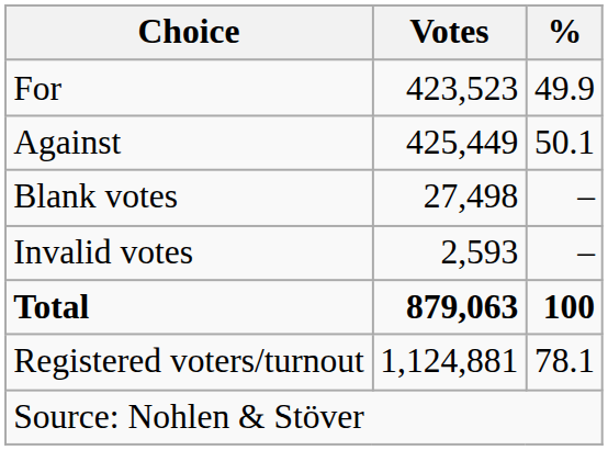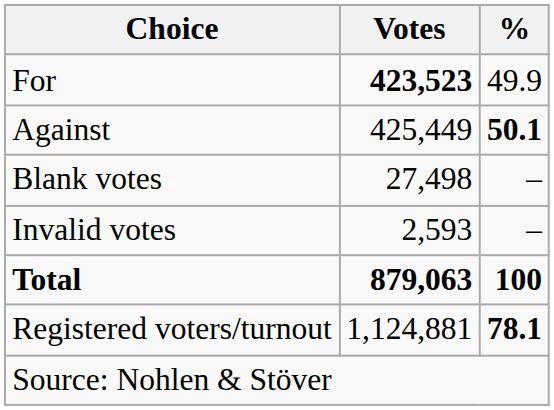 <table class=wikitable style=text-align:right>
 <tr>
 <th>Choice</th>
 <th>Votes</th>
 <th>%</th>
 </tr>
 <tr>
 <td align=left>For</td>
-<td>423,523</td>
+<td><strong>423,523</strong></td>
 <td>49.9</td>
 </tr>
 <tr>
 <td align=left>Against</td>
 <td>425,449</td>
-<td>50.1</td>
+<td><strong>50.1</strong></td>
 </tr>
 <tr>
 <td align=left>Blank votes</td>
 <td>27,498</td>
 <td>–</td>
 </tr>
 <tr>
 <td align=left>Invalid votes</td>
 <td>2,593</td>
 <td>–</td>
 </tr>
 <tr>
 <td align=left><strong>Total</strong></td>
 <td><strong>879,063</strong></td>
 <td><strong>100</strong></td>
 </tr>
 <tr>
 <td align=left>Registered voters/turnout</td>
 <td>1,124,881</td>
-<td>78.1</td>
+<td><strong>78.1</strong></td>
 </tr>
 <tr>
 <td align=left colspan=3>Source: Nohlen & Stöver</td>
 </tr>
 </table>
